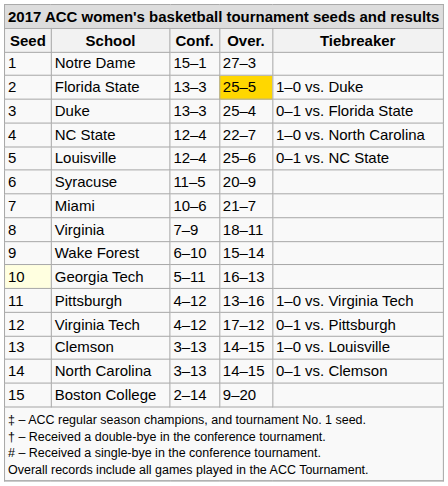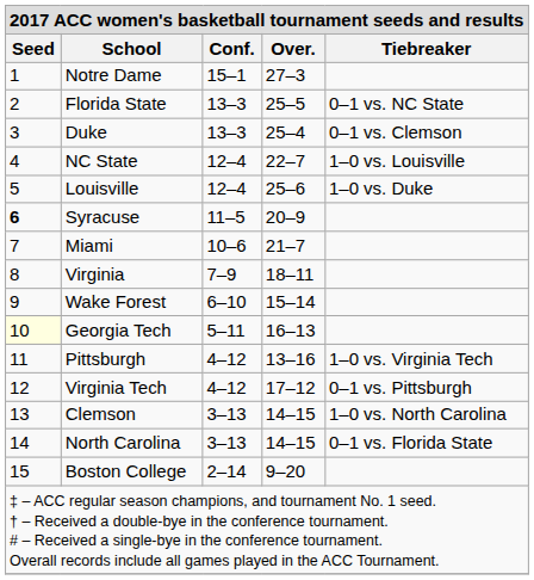 <table class="wikitable" style="white-space:nowrap; font-size:90%;">
 <tr>
 <td colspan="10" style="text-align:center; background:#DDDDDD; font:#000000"><strong>2017 ACC women's basketball tournament seeds and results</strong></td>
 </tr>
 <tr bgcolor="#efefef">
 <th>Seed</th>
 <th>School</th>
 <th>Conf.</th>
 <th>Over.</th>
 <th>Tiebreaker</th>
 </tr>
 <tr>
 <td>1</td>
 <td>Notre Dame</td>
 <td>15–1</td>
 <td>27–3</td>
 <td></td>
 </tr>
 <tr>
 <td>2</td>
 <td>Florida State</td>
 <td>13–3</td>
-<td style="background: gold;">25–5</td>
-<td>1–0 vs. Duke</td>
+<td>25–5</td>
+<td>0–1 vs. NC State</td>
 </tr>
 <tr>
 <td>3</td>
 <td>Duke</td>
 <td>13–3</td>
 <td>25–4</td>
-<td>0–1 vs. Florida State</td>
+<td>0–1 vs. Clemson</td>
 </tr>
 <tr>
 <td>4</td>
 <td>NC State</td>
 <td>12–4</td>
 <td>22–7</td>
-<td>1–0 vs. North Carolina</td>
+<td>1–0 vs. Louisville</td>
 </tr>
 <tr>
 <td>5</td>
 <td>Louisville</td>
 <td>12–4</td>
 <td>25–6</td>
-<td>0–1 vs. NC State</td>
+<td>1–0 vs. Duke</td>
 </tr>
 <tr>
-<td>6</td>
+<td><strong>6</strong></td>
 <td>Syracuse</td>
 <td>11–5</td>
 <td>20–9</td>
 <td></td>
 </tr>
 <tr>
 <td>7</td>
 <td>Miami</td>
 <td>10–6</td>
 <td>21–7</td>
 <td></td>
 </tr>
 <tr>
 <td>8</td>
 <td>Virginia</td>
 <td>7–9</td>
 <td>18–11</td>
 <td></td>
 </tr>
 <tr>
 <td>9</td>
 <td>Wake Forest</td>
 <td>6–10</td>
 <td>15–14</td>
 <td></td>
 </tr>
 <tr>
 <td style="background: lightyellow;">10</td>
 <td>Georgia Tech</td>
 <td>5–11</td>
 <td>16–13</td>
 <td></td>
 </tr>
 <tr>
 <td>11</td>
 <td>Pittsburgh</td>
 <td>4–12</td>
 <td>13–16</td>
 <td>1–0 vs. Virginia Tech</td>
 </tr>
 <tr>
 <td>12</td>
 <td>Virginia Tech</td>
 <td>4–12</td>
 <td>17–12</td>
 <td>0–1 vs. Pittsburgh</td>
 </tr>
 <tr>
 <td>13</td>
 <td>Clemson</td>
 <td>3–13</td>
 <td>14–15</td>
-<td>1–0 vs. Louisville</td>
+<td>1–0 vs. North Carolina</td>
 </tr>
 <tr>
 <td>14</td>
 <td>North Carolina</td>
 <td>3–13</td>
 <td>14–15</td>
-<td>0–1 vs. Clemson</td>
+<td>0–1 vs. Florida State</td>
 </tr>
 <tr>
 <td>15</td>
 <td>Boston College</td>
 <td>2–14</td>
 <td>9–20</td>
 <td></td>
 </tr>
 <tr>
 <td colspan="10" style="text-align:left;"><small>‡ – ACC regular season champions, and tournament No. 1 seed.<br>† – Received a double-bye in the conference tournament.<br># – Received a single-bye in the conference tournament.<br>Overall records include all games played in the ACC Tournament.</small></td>
 </tr>
 <tr>
 </tr>
 </table>
